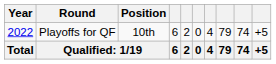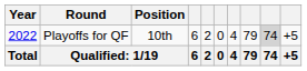 <table class="wikitable" style="text-align: center;">
 <tr>
 <th>Year</th>
 <th>Round</th>
 <th>Position</th>
 <th></th>
 <th></th>
 <th></th>
 <th></th>
 <th></th>
 <th></th>
 <th></th>
 </tr>
 <tr>
 <td> <a href='#'>2022</a></td>
 <td>Playoffs for QF</td>
 <td>10th</td>
 <td>6</td>
 <td>2</td>
 <td>0</td>
 <td>4</td>
 <td>79</td>
-<td>74</td>
+<td style="background: lightgrey;">74</td>
 <td>+5</td>
 </tr>
 <tr>
 <th>Total</th>
 <th colspan="2">Qualified: 1/19</th>
 <th>6</th>
 <th>2</th>
 <th>0</th>
 <th>4</th>
 <th>79</th>
 <th>74</th>
 <th>+5</th>
 </tr>
 </table>
